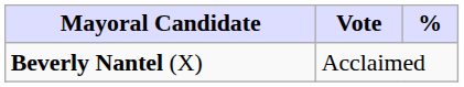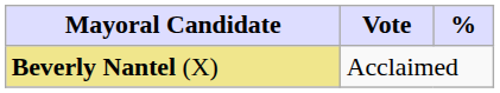 <table class="wikitable">
 <tr>
 <th style="background:#ddf; width:200px;">Mayoral Candidate</th>
 <th style="background:#ddf; width:50px;">Vote</th>
 <th style="background:#ddf; width:30px;">%</th>
 </tr>
 <tr>
-<td><strong>Beverly Nantel</strong> (X)</td>
+<td style="background: khaki;"><strong>Beverly Nantel</strong> (X)</td>
 <td colspan="2">Acclaimed</td>
 </tr>
 </table>
